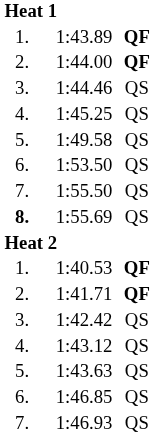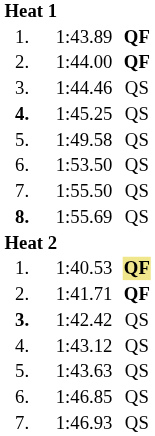 <table style="text-align:center">
 <tr>
 <td colspan=4 align=left><strong>Heat 1</strong></td>
 </tr>
 <tr>
 <td width=30>1.</td>
 <td align=left></td>
 <td width=60>1:43.89</td>
 <td><strong>QF</strong></td>
 </tr>
 <tr>
 <td>2.</td>
 <td align=left></td>
 <td>1:44.00</td>
 <td><strong>QF</strong></td>
 </tr>
 <tr>
 <td>3.</td>
 <td align=left></td>
 <td>1:44.46</td>
 <td>QS</td>
 </tr>
 <tr>
-<td>4.</td>
+<td><strong>4.</strong></td>
 <td align=left></td>
 <td>1:45.25</td>
 <td>QS</td>
 </tr>
 <tr>
 <td>5.</td>
 <td align=left></td>
 <td>1:49.58</td>
 <td>QS</td>
 </tr>
 <tr>
 <td>6.</td>
 <td align=left></td>
 <td>1:53.50</td>
 <td>QS</td>
 </tr>
 <tr>
 <td>7.</td>
 <td align=left></td>
 <td>1:55.50</td>
 <td>QS</td>
 </tr>
 <tr>
 <td><strong>8.</strong></td>
 <td align=left></td>
 <td>1:55.69</td>
 <td>QS</td>
 </tr>
 <tr>
 <td colspan=4 align=left><strong>Heat 2</strong></td>
 </tr>
 <tr>
 <td>1.</td>
 <td align=left></td>
 <td>1:40.53</td>
-<td><strong>QF</strong></td>
+<td style="background: khaki;"><strong>QF</strong></td>
 </tr>
 <tr>
 <td>2.</td>
 <td align=left></td>
 <td>1:41.71</td>
 <td><strong>QF</strong></td>
 </tr>
 <tr>
-<td>3.</td>
+<td><strong>3.</strong></td>
 <td align=left></td>
 <td>1:42.42</td>
 <td>QS</td>
 </tr>
 <tr>
 <td>4.</td>
 <td align=left></td>
 <td>1:43.12</td>
 <td>QS</td>
 </tr>
 <tr>
 <td>5.</td>
 <td align=left></td>
 <td>1:43.63</td>
 <td>QS</td>
 </tr>
 <tr>
 <td>6.</td>
 <td align=left></td>
 <td>1:46.85</td>
 <td>QS</td>
 </tr>
 <tr>
 <td>7.</td>
 <td align=left></td>
 <td>1:46.93</td>
 <td>QS</td>
 </tr>
 </table>
